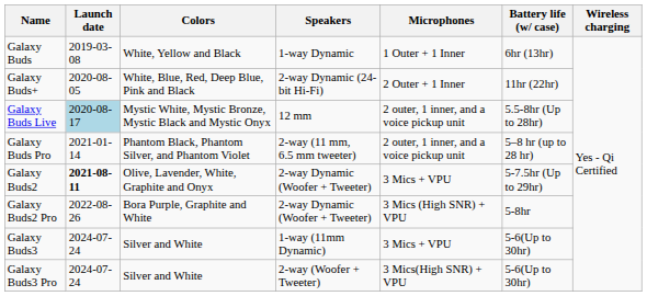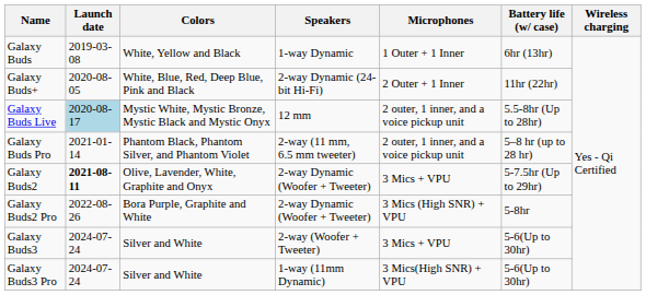 <table class="wikitable sortable">
 <tr>
 <th>Name</th>
 <th>Launch date</th>
 <th>Colors</th>
 <th>Speakers</th>
 <th>Microphones</th>
 <th>Battery life (w/ case)</th>
 <th>Wireless charging</th>
 </tr>
 <tr>
 <td>Galaxy Buds</td>
 <td>2019-03-08</td>
 <td>White, Yellow and Black</td>
 <td>1-way Dynamic</td>
 <td>1 Outer + 1 Inner</td>
 <td>6hr (13hr)</td>
 <td rowspan="8">Yes - Qi Certified</td>
 </tr>
 <tr>
 <td>Galaxy Buds+</td>
 <td>2020-08-05</td>
 <td>White, Blue, Red, Deep Blue, Pink and Black</td>
 <td>2-way Dynamic (24-bit Hi-Fi)</td>
 <td>2 Outer + 1 Inner</td>
 <td>11hr (22hr)</td>
 </tr>
 <tr>
 <td><a href='#'>Galaxy Buds Live</a></td>
 <td style="background: lightblue;">2020-08-17</td>
 <td>Mystic White, Mystic Bronze, Mystic Black and Mystic Onyx</td>
 <td>12 mm</td>
 <td>2 outer, 1 inner, and a voice pickup unit</td>
 <td>5.5-8hr (Up to 28hr)</td>
 </tr>
 <tr>
 <td>Galaxy Buds Pro</td>
 <td>2021-01-14</td>
 <td>Phantom Black, Phantom Silver, and Phantom Violet</td>
 <td>2-way (11 mm, 6.5 mm tweeter)</td>
 <td>2 outer, 1 inner, and a voice pickup unit</td>
 <td>5–8 hr (up to 28 hr)</td>
 </tr>
 <tr>
 <td>Galaxy Buds2</td>
 <td><strong>2021-08-11</strong></td>
 <td>Olive, Lavender, White, Graphite and Onyx</td>
 <td>2-way Dynamic (Woofer + Tweeter)</td>
 <td>3 Mics + VPU</td>
 <td>5-7.5hr (Up to 29hr)</td>
 </tr>
 <tr>
 <td>Galaxy Buds2 Pro</td>
 <td>2022-08-26</td>
 <td>Bora Purple, Graphite and White</td>
 <td>2-way Dynamic (Woofer + Tweeter)</td>
 <td>3 Mics (High SNR) + VPU</td>
 <td>5-8hr</td>
 </tr>
 <tr>
 <td>Galaxy Buds3</td>
 <td>2024-07-24</td>
 <td>Silver and White</td>
-<td>1-way (11mm Dynamic)</td>
+<td>2-way (Woofer + Tweeter)</td>
 <td>3 Mics + VPU</td>
 <td>5-6(Up to 30hr)</td>
 </tr>
 <tr>
 <td>Galaxy Buds3 Pro</td>
 <td>2024-07-24</td>
 <td>Silver and White</td>
-<td>2-way (Woofer + Tweeter)</td>
+<td>1-way (11mm Dynamic)</td>
 <td>3 Mics(High SNR) + VPU</td>
 <td>5-6(Up to 30hr)</td>
 </tr>
 </table>
